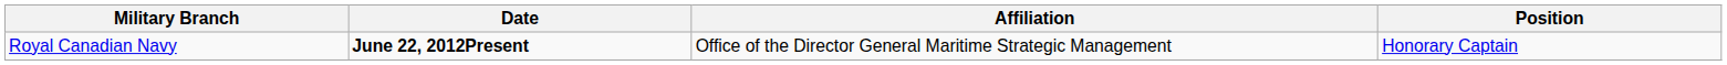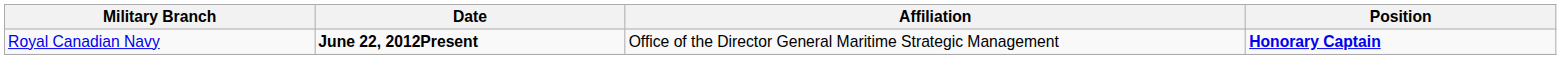 <table class="wikitable" style="width:100%;">
 <tr>
 <th style="width:20%;">Military Branch</th>
 <th style="width:20%;">Date</th>
 <th style="width:40%;">Affiliation</th>
 <th style="width:20%;">Position</th>
 </tr>
 <tr>
 <td> <a href='#'>Royal Canadian Navy</a></td>
 <td><strong>June 22, 2012Present</strong></td>
 <td>Office of the Director General Maritime Strategic Management</td>
-<td><a href='#'>Honorary Captain</a></td>
+<td><strong><a href='#'>Honorary Captain</a></strong></td>
 </tr>
 <tr>
 </tr>
 </table>
